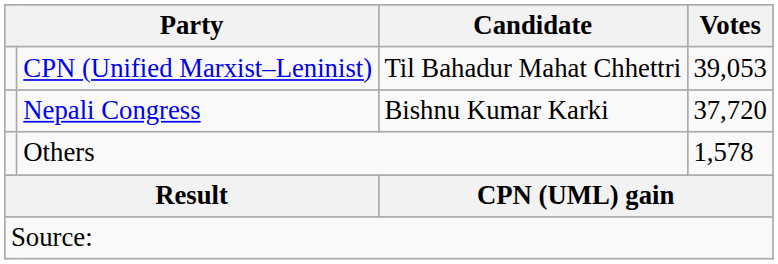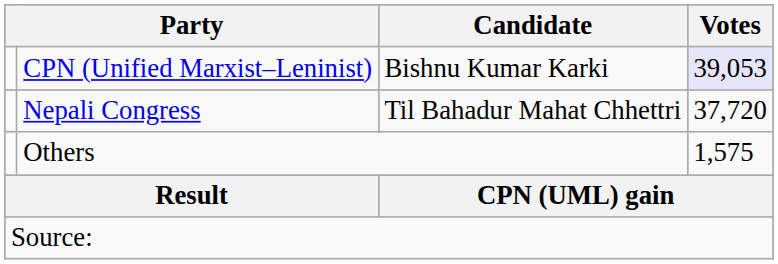 <table class="wikitable">
 <tr>
 <th colspan="2">Party</th>
 <th>Candidate</th>
 <th>Votes</th>
 </tr>
 <tr>
 <td style="background-color:"></td>
 <td><a href='#'>CPN (Unified Marxist–Leninist)</a></td>
-<td>Til Bahadur Mahat Chhettri</td>
-<td>39,053</td>
+<td>Bishnu Kumar Karki</td>
+<td style="background: lavender;">39,053</td>
 </tr>
 <tr>
 <td style="background-color:"></td>
 <td><a href='#'>Nepali Congress</a></td>
-<td>Bishnu Kumar Karki</td>
+<td>Til Bahadur Mahat Chhettri</td>
 <td>37,720</td>
 </tr>
 <tr>
 <td></td>
 <td colspan="2">Others</td>
-<td>1,578</td>
+<td>1,575</td>
 </tr>
 <tr>
 <th colspan="2">Result</th>
 <th colspan="2">CPN (UML) gain</th>
 </tr>
 <tr>
 <td colspan="4">Source: </td>
 </tr>
 </table>
